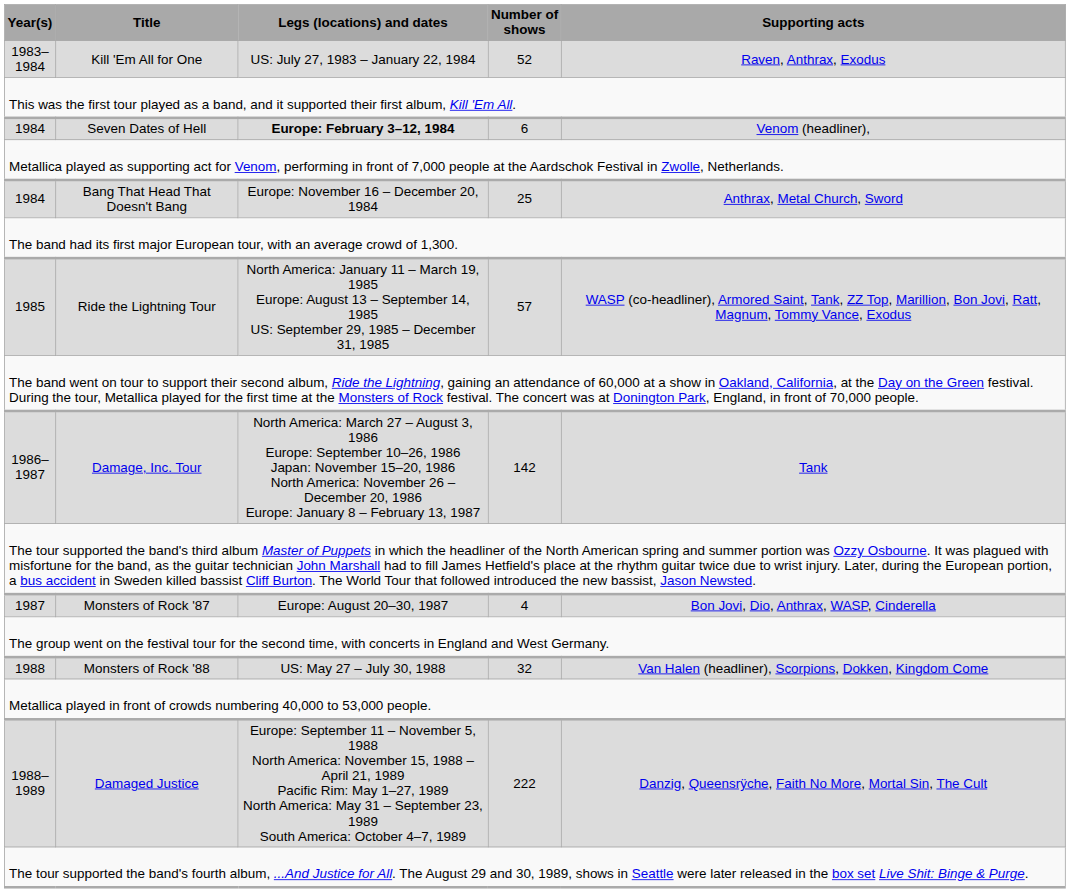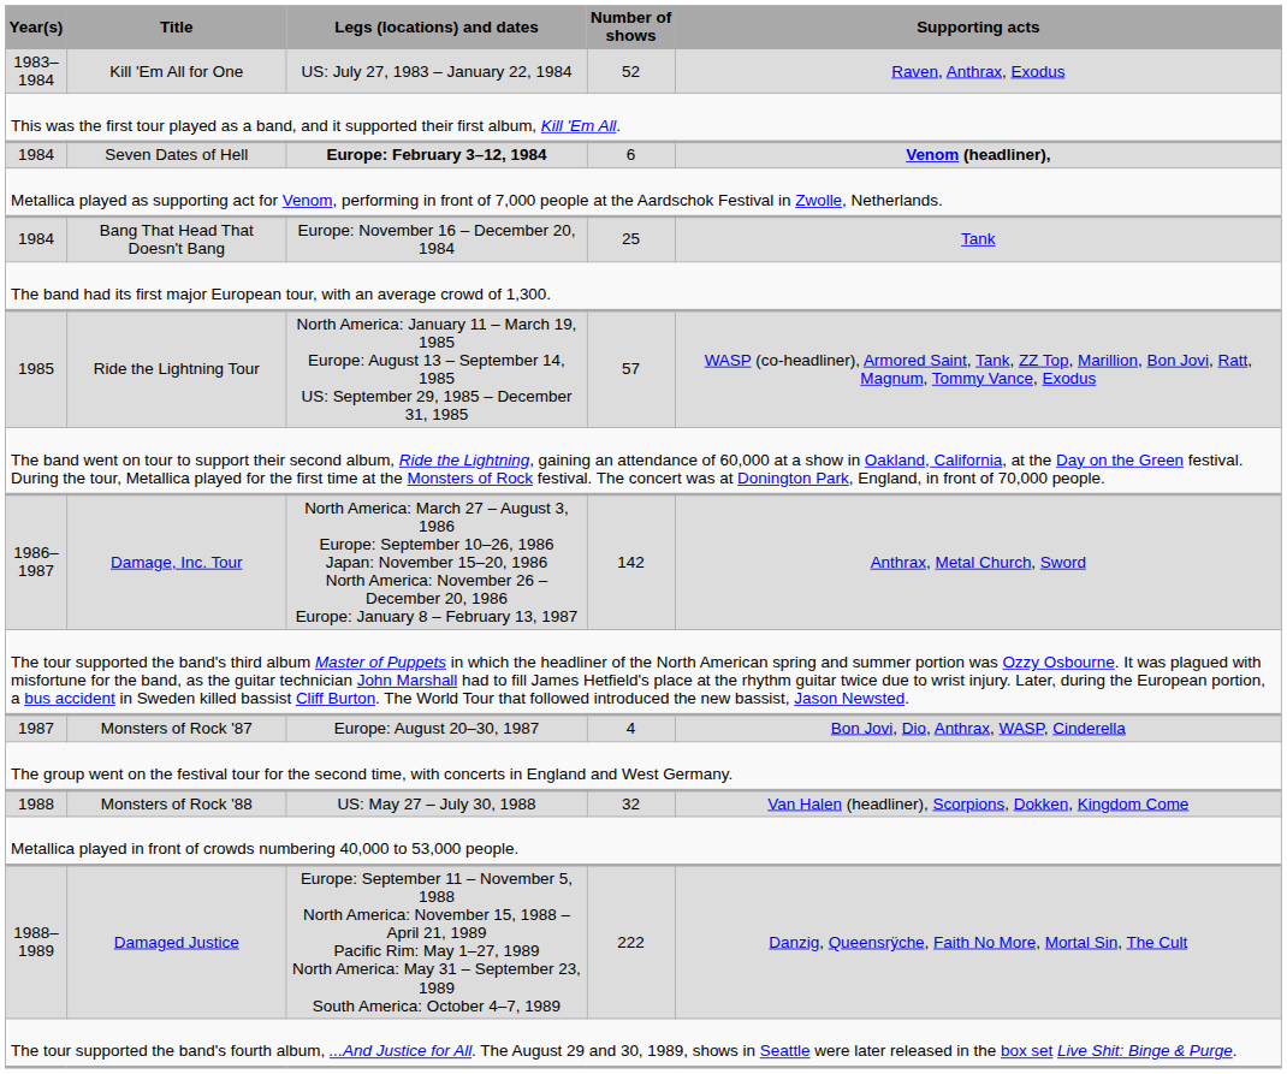 <table class="wikitable" style="width:100%; text-align:center;">
 <tr>
 <th style="width:40px; background:darkGrey;">Year(s)</th>
 <th style="width:210px; background:darkGrey;">Title</th>
 <th style="width:290px; background:darkGrey;">Legs (locations) and dates</th>
 <th style="width:80px; background:darkGrey;">Number of<br>shows<br></th>
 <th style="background:darkGrey;">Supporting acts</th>
 </tr>
 <tr style="background:#DCDCDC;">
 <td>1983–1984</td>
 <td>Kill 'Em All for One</td>
 <td>US: July 27, 1983 – January 22, 1984</td>
 <td>52</td>
 <td><a href='#'>Raven</a>, <a href='#'>Anthrax</a>, <a href='#'>Exodus</a></td>
 </tr>
 <tr>
 <td colspan="5" style="border-bottom-width:3px; padding:5px; text-align:left;"><br>This was the first tour played as a band, and it supported their first album, <em><a href='#'>Kill 'Em All</a></em>.</td>
 </tr>
 <tr style="background:#DCDCDC;">
 <td>1984</td>
 <td>Seven Dates of Hell</td>
 <td><strong>Europe: February 3–12, 1984</strong></td>
 <td>6</td>
-<td><a href='#'>Venom</a> (headliner),</td>
+<td><strong><a href='#'>Venom</a> (headliner),</strong></td>
 </tr>
 <tr>
 <td colspan="5" style="border-bottom-width:3px; padding:5px; text-align:left;"><br>Metallica played as supporting act for <a href='#'>Venom</a>, performing in front of 7,000 people at the Aardschok Festival in <a href='#'>Zwolle</a>, Netherlands.</td>
 </tr>
 <tr style="background:#DCDCDC;">
 <td>1984</td>
 <td>Bang That Head That Doesn't Bang</td>
 <td>Europe: November 16 – December 20, 1984</td>
 <td>25</td>
-<td><a href='#'>Anthrax</a>, <a href='#'>Metal Church</a>, <a href='#'>Sword</a></td>
+<td><a href='#'>Tank</a></td>
 </tr>
 <tr>
 <td colspan="5" style="border-bottom-width:3px; padding:5px; text-align:left;"><br>The band had its first major European tour, with an average crowd of 1,300.</td>
 </tr>
 <tr style="background:#DCDCDC;">
 <td>1985</td>
 <td>Ride the Lightning Tour</td>
 <td>North America: January 11 – March 19, 1985<br>Europe: August 13 – September 14, 1985<br>US: September 29, 1985 – December 31, 1985</td>
 <td>57</td>
 <td><a href='#'>WASP</a> (co-headliner), <a href='#'>Armored Saint</a>, <a href='#'>Tank</a>, <a href='#'>ZZ Top</a>, <a href='#'>Marillion</a>, <a href='#'>Bon Jovi</a>, <a href='#'>Ratt</a>, <a href='#'>Magnum</a>, <a href='#'>Tommy Vance</a>, <a href='#'>Exodus</a></td>
 </tr>
 <tr>
 <td colspan="5" style="border-bottom-width:3px; padding:5px; text-align:left;"><br>The band went on tour to support their second album, <em><a href='#'>Ride the Lightning</a></em>, gaining an attendance of 60,000 at a show in <a href='#'>Oakland, California</a>, at the <a href='#'>Day on the Green</a> festival. During the tour, Metallica played for the first time at the <a href='#'>Monsters of Rock</a> festival. The concert was at <a href='#'>Donington Park</a>, England, in front of 70,000 people.</td>
 </tr>
 <tr style="background:#DCDCDC;">
 <td>1986–1987</td>
 <td><a href='#'>Damage, Inc. Tour</a></td>
 <td>North America: March 27 – August 3, 1986<br>Europe: September 10–26, 1986<br>Japan: November 15–20, 1986<br>North America: November 26 – December 20, 1986<br>Europe: January 8 – February 13, 1987</td>
 <td>142</td>
-<td><a href='#'>Tank</a></td>
+<td><a href='#'>Anthrax</a>, <a href='#'>Metal Church</a>, <a href='#'>Sword</a></td>
 </tr>
 <tr>
 <td colspan="5" style="border-bottom-width:3px; padding:5px; text-align:left;"><br>The tour supported the band's third album <em><a href='#'>Master of Puppets</a></em> in which the headliner of the North American spring and summer portion was <a href='#'>Ozzy Osbourne</a>. It was plagued with misfortune for the band, as the guitar technician <a href='#'>John Marshall</a> had to fill James Hetfield's place at the rhythm guitar twice due to wrist injury. Later, during the European portion, a <a href='#'>bus accident</a> in Sweden killed bassist <a href='#'>Cliff Burton</a>. The World Tour that followed introduced the new bassist, <a href='#'>Jason Newsted</a>.</td>
 </tr>
 <tr style="background:#DCDCDC;">
 <td>1987</td>
 <td>Monsters of Rock '87</td>
 <td>Europe: August 20–30, 1987</td>
 <td>4</td>
 <td><a href='#'>Bon Jovi</a>, <a href='#'>Dio</a>, <a href='#'>Anthrax</a>, <a href='#'>WASP</a>, <a href='#'>Cinderella</a></td>
 </tr>
 <tr>
 <td colspan="5" style="border-bottom-width:3px; padding:5px; text-align:left;"><br>The group went on the festival tour for the second time, with concerts in England and West Germany. </td>
 </tr>
 <tr style="background:#DCDCDC;">
 <td>1988</td>
 <td>Monsters of Rock '88</td>
 <td>US: May 27 – July 30, 1988</td>
 <td>32</td>
 <td><a href='#'>Van Halen</a> (headliner), <a href='#'>Scorpions</a>, <a href='#'>Dokken</a>, <a href='#'>Kingdom Come</a></td>
 </tr>
 <tr>
 <td colspan="5" style="border-bottom-width:3px; padding:5px; text-align:left;"><br>Metallica played in front of crowds numbering 40,000 to 53,000 people.</td>
 </tr>
 <tr style="background:#DCDCDC;">
 <td>1988–1989</td>
 <td><a href='#'>Damaged Justice</a></td>
 <td>Europe: September 11 – November 5, 1988<br>North America: November 15, 1988 – April 21, 1989<br>Pacific Rim: May 1–27, 1989<br>North America: May 31 – September 23, 1989<br>South America: October 4–7, 1989</td>
 <td>222</td>
 <td><a href='#'>Danzig</a>, <a href='#'>Queensrÿche</a>, <a href='#'>Faith No More</a>, <a href='#'>Mortal Sin</a>, <a href='#'>The Cult</a></td>
 </tr>
 <tr>
 <td colspan="5" style="border-bottom-width:3px; padding:5px; text-align:left;"><br>The tour supported the band's fourth album, <em><a href='#'>...And Justice for All</a></em>. The August 29 and 30, 1989, shows in <a href='#'>Seattle</a> were later released in the <a href='#'>box set</a> <em><a href='#'>Live Shit: Binge & Purge</a></em>.</td>
 </tr>
 </table>
